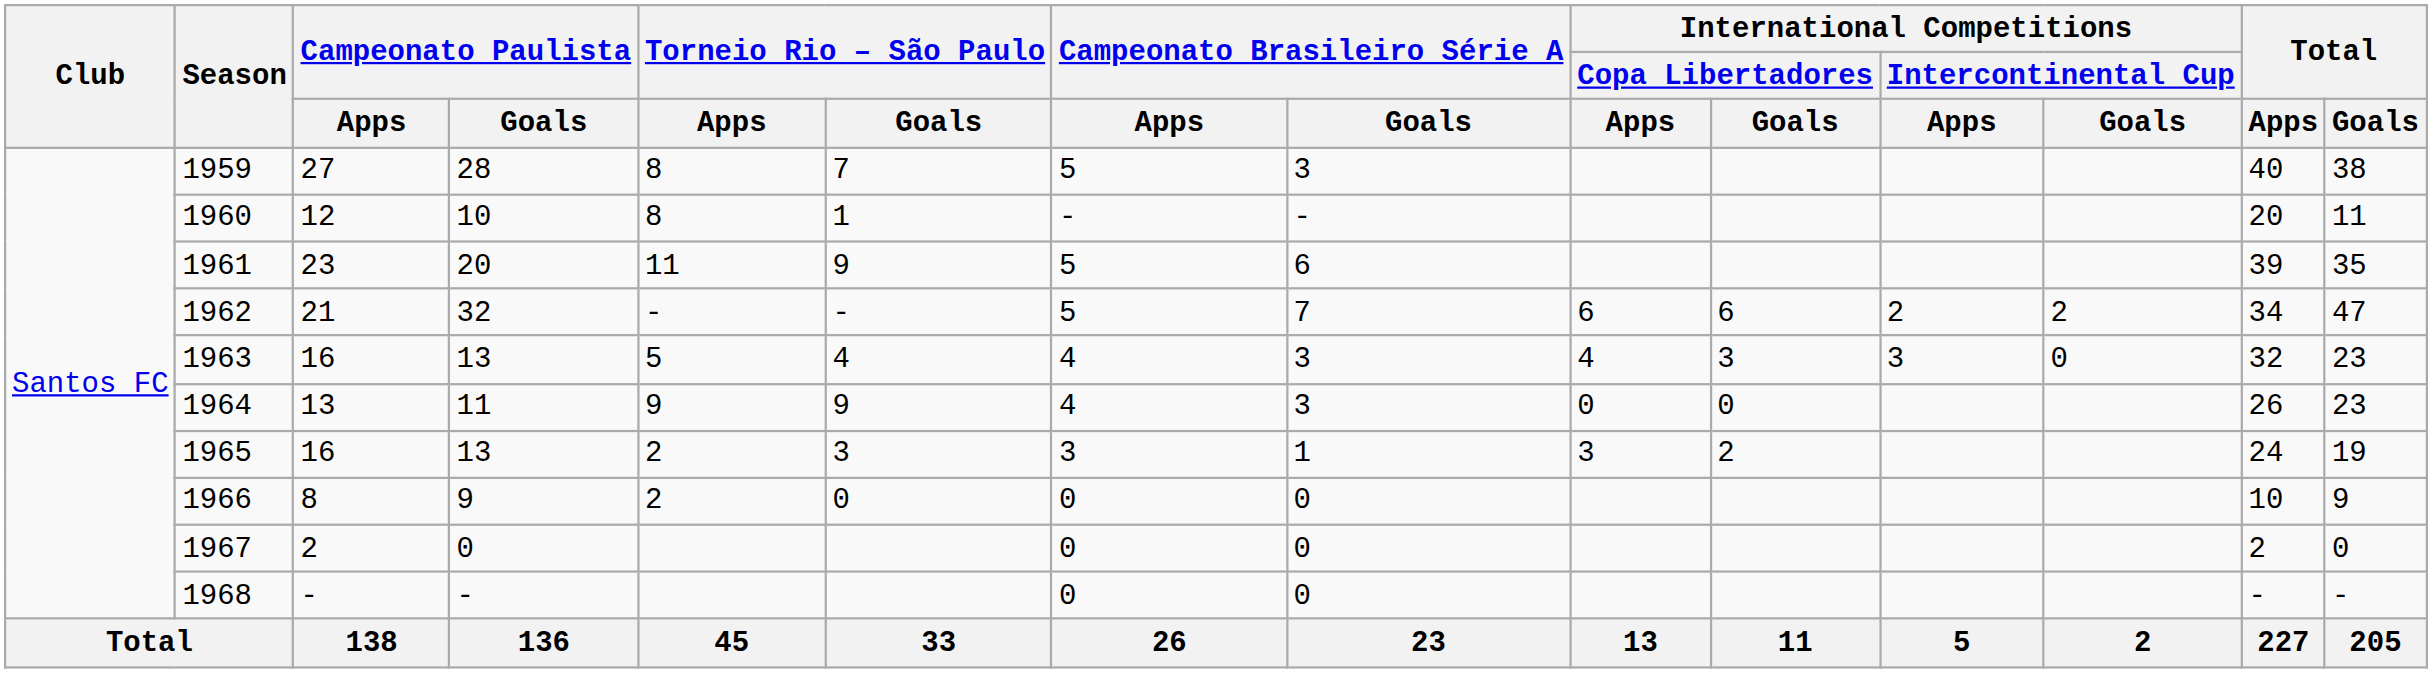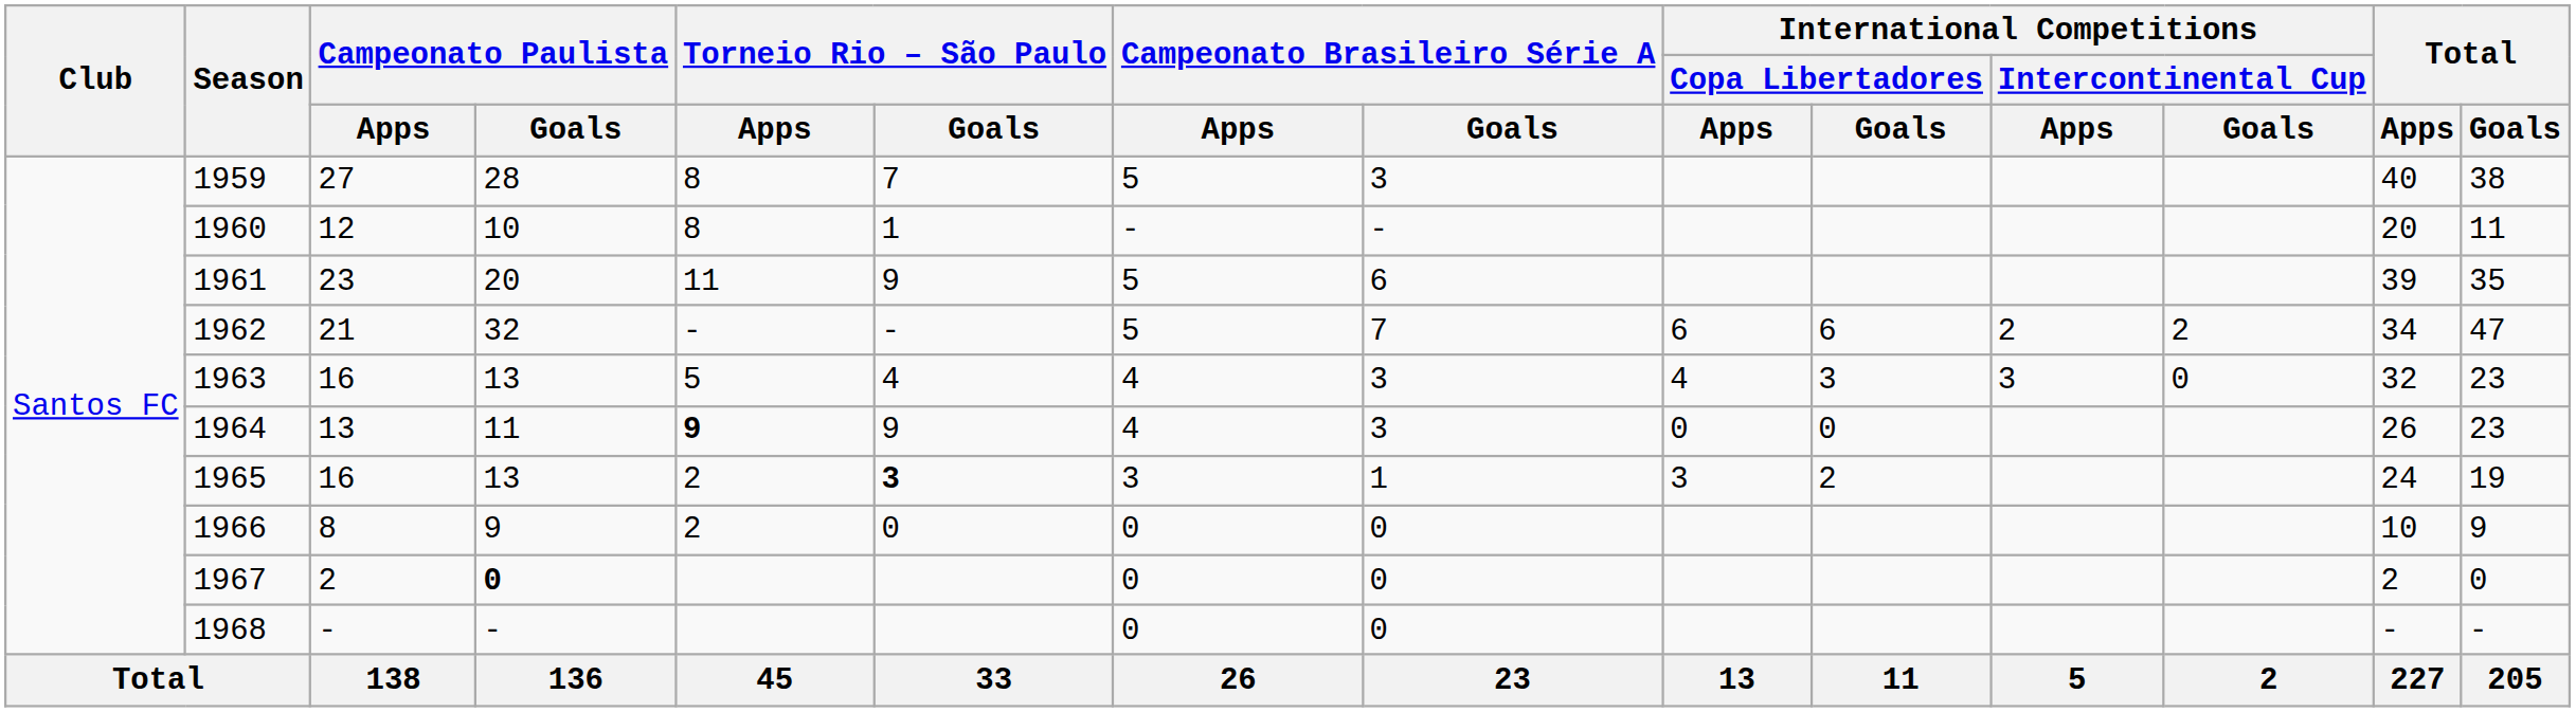 <table class="wikitable">
 <tr>
 <th rowspan="3">Club</th>
 <th rowspan="3">Season</th>
 <th colspan="2" rowspan="2"><a href='#'>Campeonato Paulista</a></th>
 <th colspan="2" rowspan="2"><a href='#'>Torneio Rio – São Paulo</a></th>
 <th colspan="2" rowspan="2"><a href='#'>Campeonato Brasileiro Série A</a></th>
 <th colspan="4">International Competitions</th>
 <th colspan="2" rowspan="2">Total</th>
 </tr>
 <tr>
 <th colspan="2"><a href='#'>Copa Libertadores</a></th>
 <th colspan="2"><a href='#'>Intercontinental Cup</a></th>
 </tr>
 <tr>
 <th>Apps</th>
 <th>Goals</th>
 <th>Apps</th>
 <th>Goals</th>
 <th>Apps</th>
 <th>Goals</th>
 <th>Apps</th>
 <th>Goals</th>
 <th>Apps</th>
 <th>Goals</th>
 <th>Apps</th>
 <th>Goals</th>
 </tr>
 <tr>
 <td rowspan="10"><a href='#'>Santos FC</a></td>
 <td>1959</td>
 <td>27</td>
 <td>28</td>
 <td>8</td>
 <td>7</td>
 <td>5</td>
 <td>3</td>
 <td></td>
 <td></td>
 <td></td>
 <td></td>
 <td>40</td>
 <td>38</td>
 </tr>
 <tr>
 <td>1960</td>
 <td>12</td>
 <td>10</td>
 <td>8</td>
 <td>1</td>
 <td>-</td>
 <td>-</td>
 <td></td>
 <td></td>
 <td></td>
 <td></td>
 <td>20</td>
 <td>11</td>
 </tr>
 <tr>
 <td>1961</td>
 <td>23</td>
 <td>20</td>
 <td>11</td>
 <td>9</td>
 <td>5</td>
 <td>6</td>
 <td></td>
 <td></td>
 <td></td>
 <td></td>
 <td>39</td>
 <td>35</td>
 </tr>
 <tr>
 <td>1962</td>
 <td>21</td>
 <td>32</td>
 <td>-</td>
 <td>-</td>
 <td>5</td>
 <td>7</td>
 <td>6</td>
 <td>6</td>
 <td>2</td>
 <td>2</td>
 <td>34</td>
 <td>47</td>
 </tr>
 <tr>
 <td>1963</td>
 <td>16</td>
 <td>13</td>
 <td>5</td>
 <td>4</td>
 <td>4</td>
 <td>3</td>
 <td>4</td>
 <td>3</td>
 <td>3</td>
 <td>0</td>
 <td>32</td>
 <td>23</td>
 </tr>
 <tr>
 <td>1964</td>
 <td>13</td>
 <td>11</td>
-<td>9</td>
+<td><strong>9</strong></td>
 <td>9</td>
 <td>4</td>
 <td>3</td>
 <td>0</td>
 <td>0</td>
 <td></td>
 <td></td>
 <td>26</td>
 <td>23</td>
 </tr>
 <tr>
 <td>1965</td>
 <td>16</td>
 <td>13</td>
 <td>2</td>
-<td>3</td>
+<td><strong>3</strong></td>
 <td>3</td>
 <td>1</td>
 <td>3</td>
 <td>2</td>
 <td></td>
 <td></td>
 <td>24</td>
 <td>19</td>
 </tr>
 <tr>
 <td>1966</td>
 <td>8</td>
 <td>9</td>
 <td>2</td>
 <td>0</td>
 <td>0</td>
 <td>0</td>
 <td></td>
 <td></td>
 <td></td>
 <td></td>
 <td>10</td>
 <td>9</td>
 </tr>
 <tr>
 <td>1967</td>
 <td>2</td>
-<td>0</td>
+<td><strong>0</strong></td>
 <td></td>
 <td></td>
 <td>0</td>
 <td>0</td>
 <td></td>
 <td></td>
 <td></td>
 <td></td>
 <td>2</td>
 <td>0</td>
 </tr>
 <tr>
 <td>1968</td>
 <td>-</td>
 <td>-</td>
 <td></td>
 <td></td>
 <td>0</td>
 <td>0</td>
 <td></td>
 <td></td>
 <td></td>
 <td></td>
 <td>-</td>
 <td>-</td>
 </tr>
 <tr>
 <th colspan="2">Total</th>
 <th>138</th>
 <th>136</th>
 <th>45</th>
 <th>33</th>
 <th>26</th>
 <th>23</th>
 <th>13</th>
 <th>11</th>
 <th>5</th>
 <th>2</th>
 <th>227</th>
 <th>205</th>
 </tr>
 </table>
